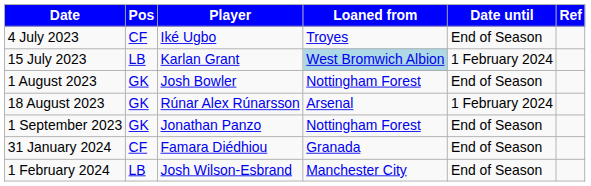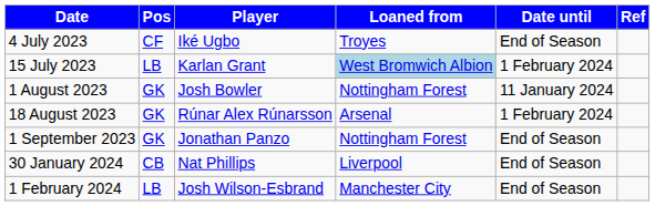 <table class="wikitable plainrowheaders sortable">
 <tr>
 <th style="background: blue; color: white; ">Date</th>
 <th style="background: blue; color: white; ">Pos</th>
 <th style="background: blue; color: white; ">Player</th>
 <th style="background: blue; color: white; ">Loaned from</th>
 <th style="background: blue; color: white; ">Date until</th>
 <th style="background: blue; color: white; ">Ref</th>
 </tr>
 <tr>
 <td>4 July 2023</td>
 <td><a href='#'>CF</a></td>
 <td> <a href='#'>Iké Ugbo</a></td>
 <td> <a href='#'>Troyes</a></td>
 <td>End of Season</td>
 <td></td>
 </tr>
 <tr>
 <td>15 July 2023</td>
 <td><a href='#'>LB</a></td>
 <td> <a href='#'>Karlan Grant</a></td>
 <td style="background: lightblue;"> <a href='#'>West Bromwich Albion</a></td>
 <td>1 February 2024</td>
 <td></td>
 </tr>
 <tr>
 <td>1 August 2023</td>
 <td><a href='#'>GK</a></td>
 <td> <a href='#'>Josh Bowler</a></td>
 <td> <a href='#'>Nottingham Forest</a></td>
-<td>End of Season</td>
+<td>11 January 2024</td>
 <td></td>
 </tr>
 <tr>
 <td>18 August 2023</td>
 <td><a href='#'>GK</a></td>
 <td> <a href='#'>Rúnar Alex Rúnarsson</a></td>
 <td> <a href='#'>Arsenal</a></td>
 <td>1 February 2024</td>
 <td></td>
 </tr>
 <tr>
 <td>1 September 2023</td>
 <td><a href='#'>GK</a></td>
 <td> <a href='#'>Jonathan Panzo</a></td>
 <td> <a href='#'>Nottingham Forest</a></td>
 <td>End of Season</td>
 <td></td>
 </tr>
 <tr>
-<td>31 January 2024</td>
-<td><a href='#'>CF</a></td>
-<td> <a href='#'>Famara Diédhiou</a></td>
-<td> <a href='#'>Granada</a></td>
+<td>30 January 2024</td>
+<td><a href='#'>CB</a></td>
+<td> <a href='#'>Nat Phillips</a></td>
+<td> <a href='#'>Liverpool</a></td>
 <td>End of Season</td>
 <td></td>
 </tr>
 <tr>
 <td>1 February 2024</td>
 <td><a href='#'>LB</a></td>
 <td> <a href='#'>Josh Wilson-Esbrand</a></td>
 <td> <a href='#'>Manchester City</a></td>
 <td>End of Season</td>
 <td></td>
 </tr>
 </table>
